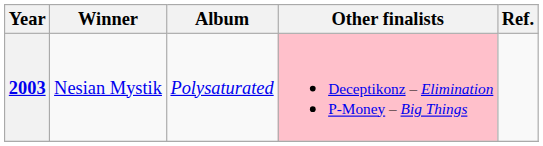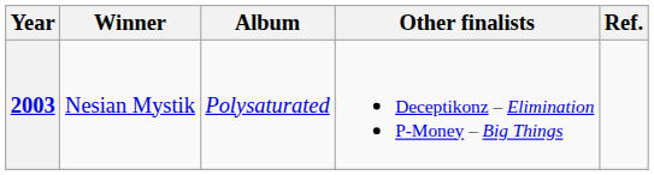 <table class="wikitable sortable">
 <tr>
 <th scope="col">Year</th>
 <th scope="col">Winner</th>
 <th scope="col">Album</th>
 <th scope="col" class=unsortable>Other finalists</th>
 <th scope="col" class=unsortable>Ref.</th>
 </tr>
 <tr>
 <th scope="row"><a href='#'>2003</a></th>
 <td><a href='#'>Nesian Mystik</a></td>
 <td><em><a href='#'>Polysaturated</a></em></td>
-<td style="background: pink;"><br><ul><li><small><a href='#'>Deceptikonz</a> – <em><a href='#'>Elimination</a></em></small></li><li><small><a href='#'>P-Money</a> – <em><a href='#'>Big Things</a></em></small></li></ul></td>
+<td><br><ul><li><small><a href='#'>Deceptikonz</a> – <em><a href='#'>Elimination</a></em></small></li><li><small><a href='#'>P-Money</a> – <em><a href='#'>Big Things</a></em></small></li></ul></td>
 <td align="center"></td>
 </tr>
 <tr>
 </tr>
 </table>
